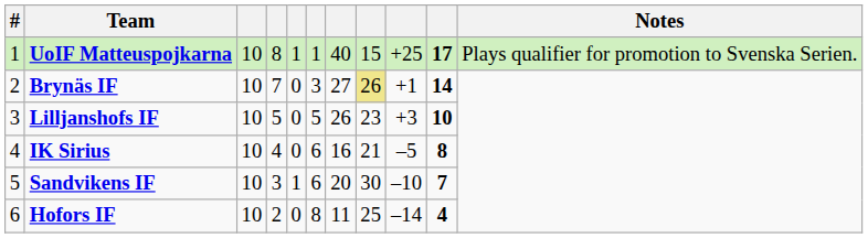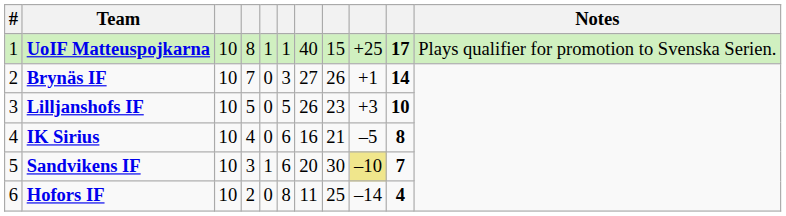 <table class="wikitable sortable">
 <tr>
 <th>#</th>
 <th>Team</th>
 <th></th>
 <th></th>
 <th></th>
 <th></th>
 <th></th>
 <th></th>
 <th></th>
 <th></th>
 <th>Notes</th>
 </tr>
 <tr style="background: #D0F0C0;">
 <td>1</td>
 <td><strong><a href='#'>UoIF Matteuspojkarna</a></strong></td>
 <td style="text-align: center;">10</td>
 <td style="text-align: center;">8</td>
 <td style="text-align: center;">1</td>
 <td style="text-align: center;">1</td>
 <td style="text-align: center;">40</td>
 <td style="text-align: center;">15</td>
 <td style="text-align: center;">+25</td>
 <td style="text-align: center;"><strong>17</strong></td>
 <td>Plays qualifier for promotion to Svenska Serien.</td>
 </tr>
 <tr>
 <td>2</td>
 <td><strong><a href='#'>Brynäs IF</a></strong></td>
 <td style="text-align: center;">10</td>
 <td style="text-align: center;">7</td>
 <td style="text-align: center;">0</td>
 <td style="text-align: center;">3</td>
 <td style="text-align: center;">27</td>
-<td style="background: khaki; text-align: center;">26</td>
+<td style="text-align: center;">26</td>
 <td style="text-align: center;">+1</td>
 <td style="text-align: center;"><strong>14</strong></td>
 </tr>
 <tr>
 <td>3</td>
 <td><strong><a href='#'>Lilljanshofs IF</a></strong></td>
 <td style="text-align: center;">10</td>
 <td style="text-align: center;">5</td>
 <td style="text-align: center;">0</td>
 <td style="text-align: center;">5</td>
 <td style="text-align: center;">26</td>
 <td style="text-align: center;">23</td>
 <td style="text-align: center;">+3</td>
 <td style="text-align: center;"><strong>10</strong></td>
 </tr>
 <tr>
 <td>4</td>
 <td><strong><a href='#'>IK Sirius</a></strong></td>
 <td style="text-align: center;">10</td>
 <td style="text-align: center;">4</td>
 <td style="text-align: center;">0</td>
 <td style="text-align: center;">6</td>
 <td style="text-align: center;">16</td>
 <td style="text-align: center;">21</td>
 <td style="text-align: center;">–5</td>
 <td style="text-align: center;"><strong>8</strong></td>
 </tr>
 <tr>
 <td>5</td>
 <td><strong><a href='#'>Sandvikens IF</a></strong></td>
 <td style="text-align: center;">10</td>
 <td style="text-align: center;">3</td>
 <td style="text-align: center;">1</td>
 <td style="text-align: center;">6</td>
 <td style="text-align: center;">20</td>
 <td style="text-align: center;">30</td>
-<td style="text-align: center;">–10</td>
+<td style="background: khaki; text-align: center;">–10</td>
 <td style="text-align: center;"><strong>7</strong></td>
 </tr>
 <tr>
 <td>6</td>
 <td><strong><a href='#'>Hofors IF</a></strong></td>
 <td style="text-align: center;">10</td>
 <td style="text-align: center;">2</td>
 <td style="text-align: center;">0</td>
 <td style="text-align: center;">8</td>
 <td style="text-align: center;">11</td>
 <td style="text-align: center;">25</td>
 <td style="text-align: center;">–14</td>
 <td style="text-align: center;"><strong>4</strong></td>
 </tr>
 </table>
